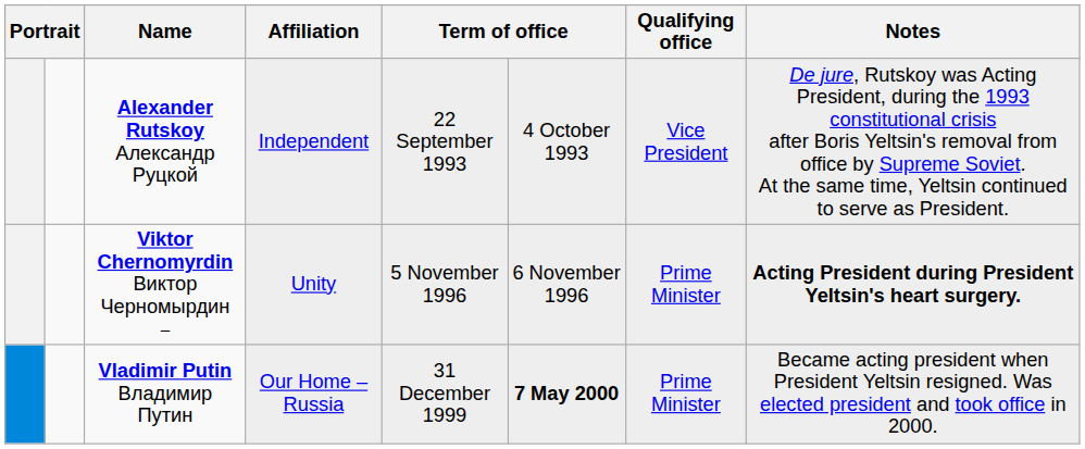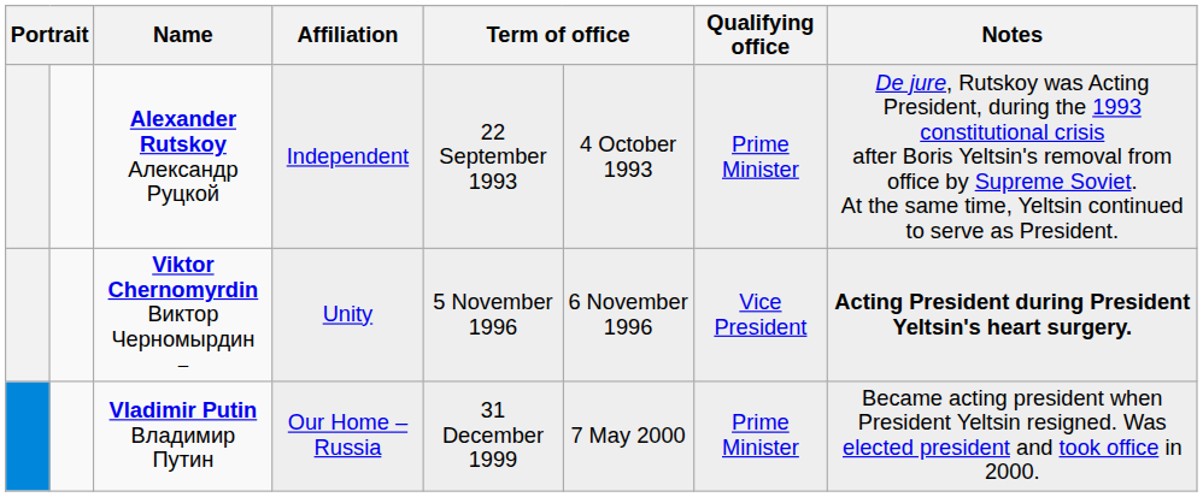 <table class="wikitable" style="text-align:center;">
 <tr style="background:#cccccc">
 <th colspan=2>Portrait</th>
 <th align="center">Name</th>
 <th align="center">Affiliation</th>
 <th align="center" colspan="2">Term of office</th>
 <th align="center">Qualifying office</th>
 <th align="center">Notes</th>
 </tr>
 <tr>
 <th style="background:"></th>
 <td></td>
 <td><strong><a href='#'>Alexander Rutskoy</a></strong><br><span>Александр Руцкой</span><small><br></small></td>
 <td style="background:#EEEEEE"><a href='#'>Independent</a></td>
 <td style="background:#EEEEEE">22 September 1993</td>
 <td style="background:#EEEEEE">4 October 1993</td>
-<td style="background:#EEEEEE"><a href='#'>Vice President</a></td>
+<td style="background:#EEEEEE"><a href='#'>Prime Minister</a></td>
 <td style="background:#EEEEEE"><em><a href='#'>De jure</a></em>, Rutskoy was Acting President, during the <a href='#'>1993 constitutional crisis</a><br>after Boris Yeltsin's removal from office by <a href='#'>Supreme Soviet</a>.<br>At the same time, Yeltsin continued to serve as President.</td>
 </tr>
 <tr>
 <th style="background:"></th>
 <td></td>
 <td><strong><a href='#'>Viktor Chernomyrdin</a></strong><br><span>Виктор Черномырдин</span><small><br> – </small></td>
 <td style="background:#EEEEEE"><a href='#'>Unity</a></td>
 <td style="background:#EEEEEE">5 November 1996</td>
 <td style="background:#EEEEEE">6 November 1996</td>
-<td style="background:#EEEEEE"><a href='#'>Prime Minister</a></td>
+<td style="background:#EEEEEE"><a href='#'>Vice President</a></td>
 <td style="background:#EEEEEE"><strong>Acting President during President Yeltsin's heart surgery.</strong></td>
 </tr>
 <tr>
 <th style="background:#0087DC;"></th>
 <td></td>
 <td><strong><a href='#'>Vladimir Putin</a></strong><br><span>Владимир Путин</span><small><br></small></td>
 <td style="background:#EEEEEE"><a href='#'>Our Home – Russia</a></td>
 <td style="background:#EEEEEE">31 December 1999</td>
-<td style="background:#EEEEEE"><strong>7 May 2000</strong></td>
+<td style="background:#EEEEEE">7 May 2000</td>
 <td style="background:#EEEEEE"><a href='#'>Prime Minister</a></td>
 <td style="background:#EEEEEE">Became acting president when President Yeltsin resigned. Was <a href='#'>elected president</a> and <a href='#'>took office</a> in 2000.</td>
 </tr>
 </table>
